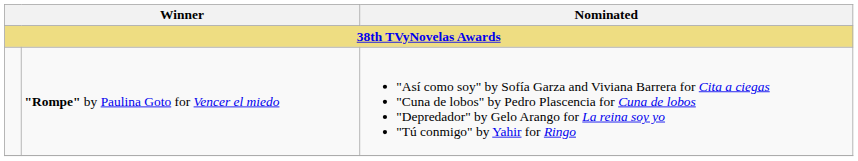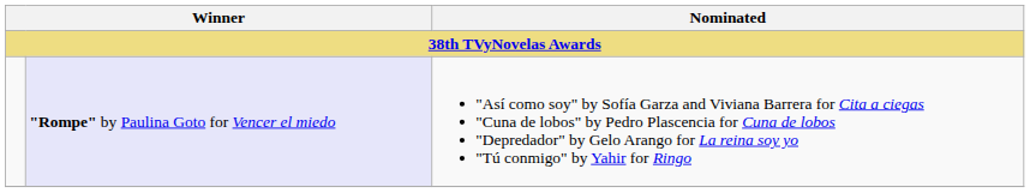 <table class="wikitable" width=80%>
 <tr align=center>
 <th width="150px;" colspan=2; align="center">Winner</th>
 <th width="580px;" align="center">Nominated</th>
 </tr>
 <tr>
 <th colspan=9 style="background:#EEDD82;"  align="center"><strong><a href='#'>38th TVyNovelas Awards</a></strong></th>
 </tr>
 <tr>
 <td width=2%></td>
-<td><strong>"Rompe"</strong> by <a href='#'>Paulina Goto</a> for <em><a href='#'>Vencer el miedo</a></em></td>
+<td style="background: lavender;"><strong>"Rompe"</strong> by <a href='#'>Paulina Goto</a> for <em><a href='#'>Vencer el miedo</a></em></td>
 <td><br><ul><li>"Así como soy" by Sofía Garza and Viviana Barrera for <em><a href='#'>Cita a ciegas</a></em></li><li>"Cuna de lobos" by Pedro Plascencia for <em><a href='#'>Cuna de lobos</a></em></li><li>"Depredador" by Gelo Arango for <em><a href='#'>La reina soy yo</a></em></li><li>"Tú conmigo" by <a href='#'>Yahir</a> for <em><a href='#'>Ringo</a></em></li></ul></td>
 </tr>
 <tr>
 </tr>
 </table>
